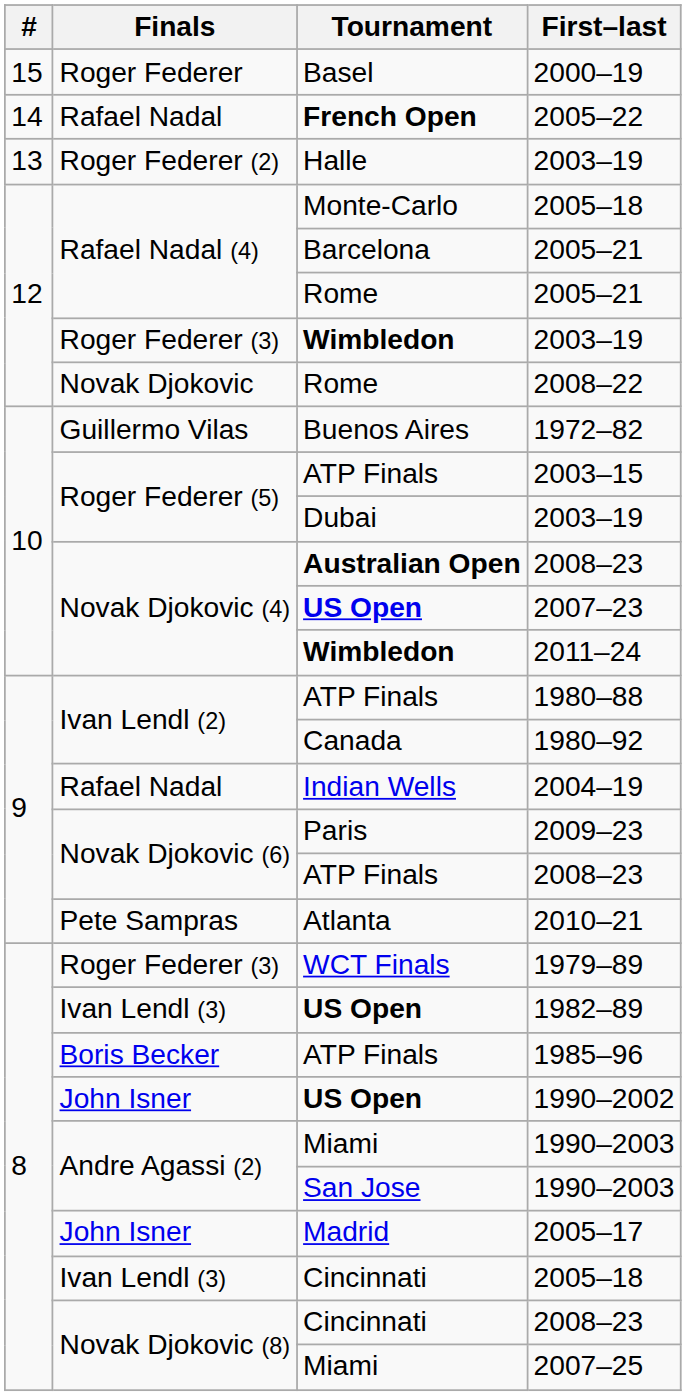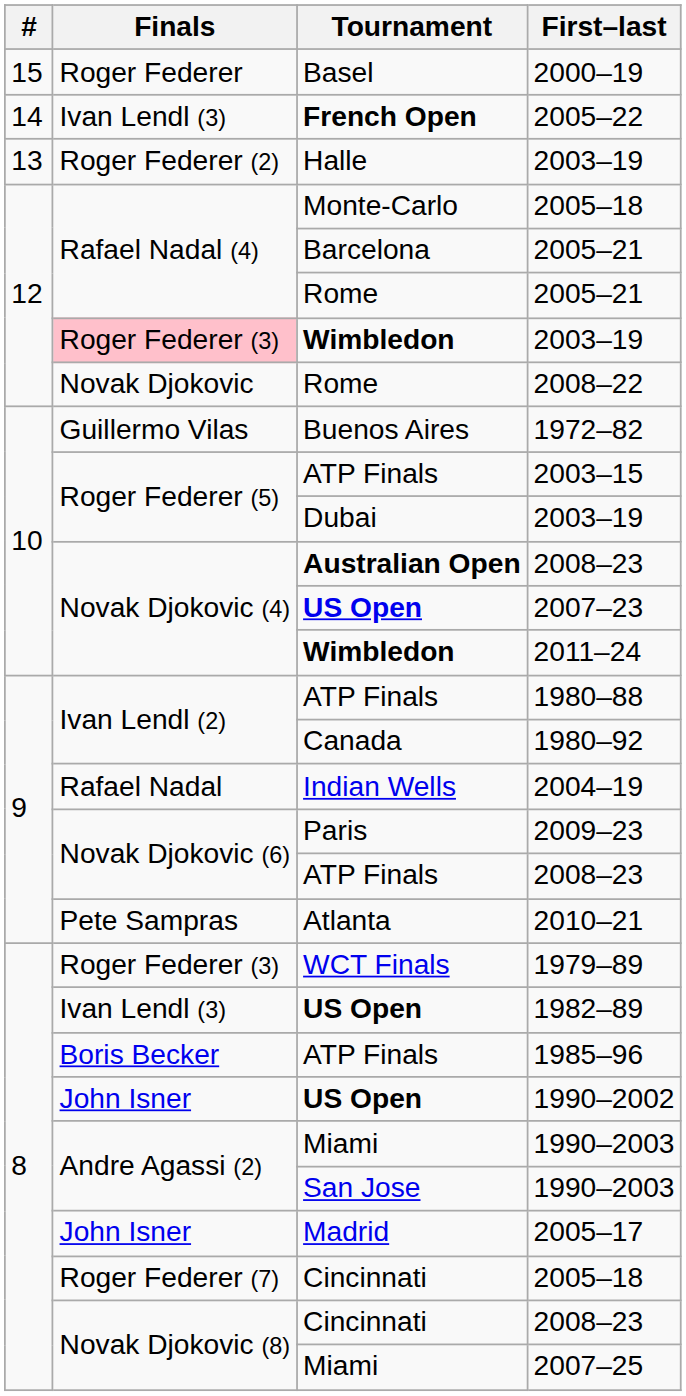 <table class="wikitable" style="display:inline-table;">
 <tr>
 <th width=20>#</th>
 <th>Finals</th>
 <th>Tournament</th>
 <th>First–last</th>
 </tr>
 <tr>
 <td>15</td>
 <td> Roger Federer</td>
 <td>Basel</td>
 <td>2000–19</td>
 </tr>
 <tr>
 <td>14</td>
-<td> Rafael Nadal</td>
+<td> Ivan Lendl <small>(3)</small></td>
 <td><strong>French Open</strong></td>
 <td>2005–22</td>
 </tr>
 <tr>
 <td>13</td>
 <td> Roger Federer <small>(2)</small></td>
 <td>Halle</td>
 <td>2003–19</td>
 </tr>
 <tr>
 <td rowspan=5>12</td>
 <td rowspan="3"> Rafael Nadal <small>(4)</small></td>
 <td>Monte-Carlo</td>
 <td>2005–18</td>
 </tr>
 <tr>
 <td>Barcelona</td>
 <td>2005–21</td>
 </tr>
 <tr>
 <td>Rome</td>
 <td>2005–21</td>
 </tr>
 <tr>
-<td> Roger Federer <small>(3)</small></td>
+<td style="background: pink;"> Roger Federer <small>(3)</small></td>
 <td><strong>Wimbledon</strong></td>
 <td>2003–19</td>
 </tr>
 <tr>
 <td> Novak Djokovic</td>
 <td>Rome</td>
 <td>2008–22</td>
 </tr>
 <tr>
 <td rowspan=6>10</td>
 <td> Guillermo Vilas</td>
 <td>Buenos Aires</td>
 <td>1972–82</td>
 </tr>
 <tr>
 <td rowspan="2"> Roger Federer <small>(5)</small></td>
 <td>ATP Finals</td>
 <td>2003–15</td>
 </tr>
 <tr>
 <td>Dubai</td>
 <td>2003–19</td>
 </tr>
 <tr>
 <td rowspan="3"> Novak Djokovic <small>(4)</small></td>
 <td><strong>Australian Open</strong></td>
 <td>2008–23</td>
 </tr>
 <tr>
 <td><strong><a href='#'>US Open</a></strong></td>
 <td>2007–23</td>
 </tr>
 <tr>
 <td><strong>Wimbledon</strong></td>
 <td>2011–24</td>
 </tr>
 <tr>
 <td rowspan=6>9</td>
 <td rowspan="2"> Ivan Lendl <small>(2)</small></td>
 <td>ATP Finals</td>
 <td>1980–88</td>
 </tr>
 <tr>
 <td>Canada</td>
 <td>1980–92</td>
 </tr>
 <tr>
 <td> Rafael Nadal</td>
 <td><a href='#'>Indian Wells</a></td>
 <td>2004–19</td>
 </tr>
 <tr>
 <td rowspan="2"> Novak Djokovic <small>(6)</small></td>
 <td>Paris</td>
 <td>2009–23</td>
 </tr>
 <tr>
 <td>ATP Finals</td>
 <td>2008–23</td>
 </tr>
 <tr>
 <td> Pete Sampras</td>
 <td Atlanta Open (tennis)>Atlanta</td>
 <td>2010–21</td>
 </tr>
 <tr>
 <td rowspan=10>8</td>
 <td> Roger Federer <small>(3)</small></td>
 <td><a href='#'>WCT Finals</a></td>
 <td>1979–89</td>
 </tr>
 <tr>
 <td> Ivan Lendl <small>(3)</small></td>
 <td><strong>US Open</strong></td>
 <td>1982–89</td>
 </tr>
 <tr>
 <td> <a href='#'>Boris Becker</a></td>
 <td>ATP Finals</td>
 <td>1985–96</td>
 </tr>
 <tr>
 <td> <a href='#'>John Isner</a></td>
 <td><strong>US Open</strong></td>
 <td>1990–2002</td>
 </tr>
 <tr>
 <td rowspan="2"> Andre Agassi <small>(2)</small></td>
 <td>Miami</td>
 <td>1990–2003</td>
 </tr>
 <tr>
 <td><a href='#'>San Jose</a></td>
 <td>1990–2003</td>
 </tr>
 <tr>
 <td> <a href='#'>John Isner</a></td>
 <td><a href='#'>Madrid</a></td>
 <td>2005–17</td>
 </tr>
 <tr>
-<td> Ivan Lendl <small>(3)</small></td>
+<td> Roger Federer <small>(7)</small></td>
 <td>Cincinnati</td>
 <td>2005–18</td>
 </tr>
 <tr>
 <td rowspan="2"> Novak Djokovic <small>(8)</small></td>
 <td>Cincinnati</td>
 <td>2008–23</td>
 </tr>
 <tr>
 <td>Miami</td>
 <td>2007–25</td>
 </tr>
 </table>
